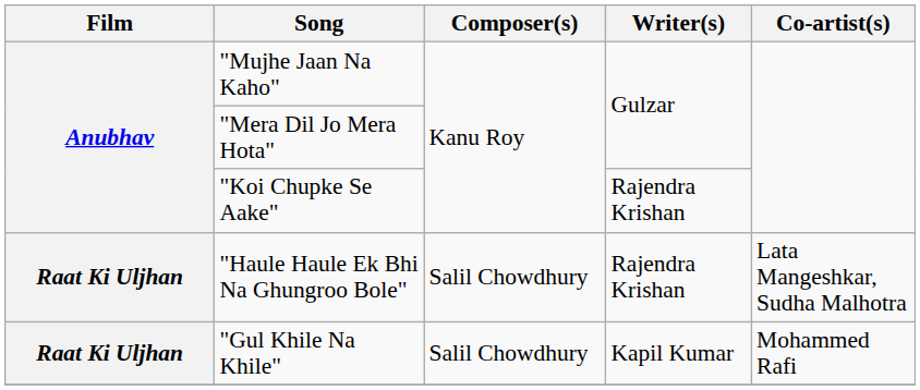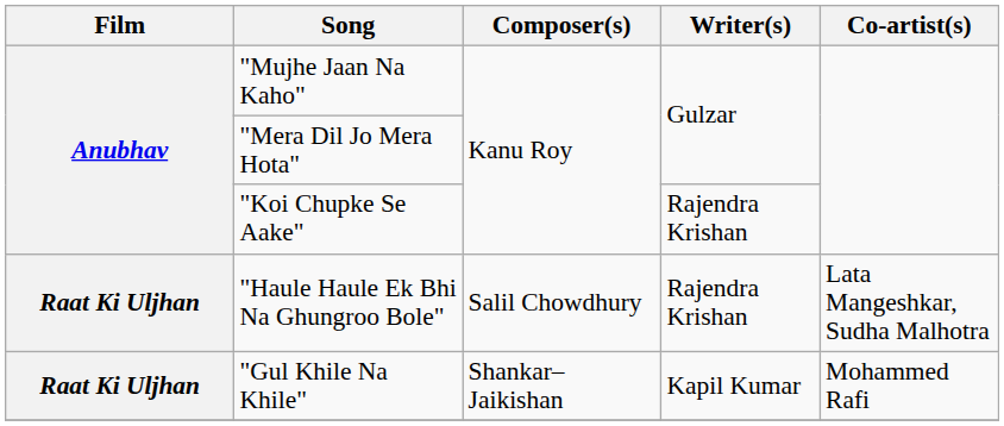 <table class="wikitable plainrowheaders" width="100%" textcolor:#000;">
 <tr style="background:#b0e0e66;">
 <th scope="col" width=23%><strong>Film</strong></th>
 <th scope="col" width=23%><strong>Song</strong></th>
 <th scope="col" width=20%><strong>Composer(s)</strong></th>
 <th scope="col" width=16%><strong>Writer(s)</strong></th>
 <th scope="col" width=18%><strong>Co-artist(s)</strong></th>
 </tr>
 <tr>
 <th rowspan=3><em><a href='#'>Anubhav</a></em></th>
 <td>"Mujhe Jaan Na Kaho"</td>
 <td rowspan=3>Kanu Roy</td>
 <td rowspan=2>Gulzar</td>
 </tr>
 <tr>
 <td>"Mera Dil Jo Mera Hota"</td>
 </tr>
 <tr>
 <td>"Koi Chupke Se Aake"</td>
 <td>Rajendra Krishan</td>
 </tr>
 <tr>
 <th><em>Raat Ki Uljhan</em></th>
 <td>"Haule Haule Ek Bhi Na Ghungroo Bole"</td>
 <td>Salil Chowdhury</td>
 <td>Rajendra Krishan</td>
 <td>Lata Mangeshkar, Sudha Malhotra</td>
 </tr>
 <tr>
 <th><em>Raat Ki Uljhan</em></th>
 <td>"Gul Khile Na Khile"</td>
-<td>Salil Chowdhury</td>
+<td>Shankar–Jaikishan</td>
 <td>Kapil Kumar</td>
 <td>Mohammed Rafi</td>
 </tr>
 <tr>
 </tr>
 </table>
